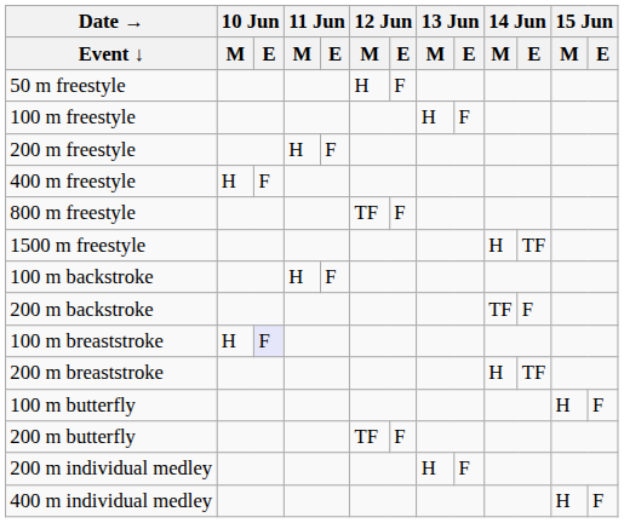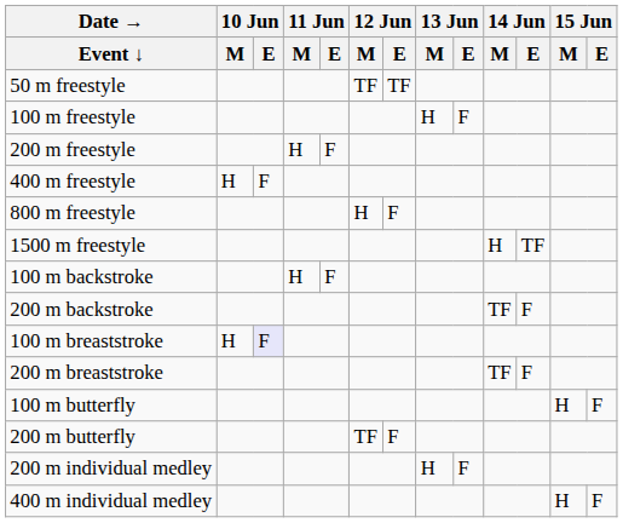 <table class="wikitable swimming-schedule" style="flex:auto 0 1">
 <tr>
 <th>Date →</th>
 <th colspan=2>10 Jun</th>
 <th colspan="2">11 Jun</th>
 <th colspan="2">12 Jun</th>
 <th colspan="2">13 Jun</th>
 <th colspan="2">14 Jun</th>
 <th colspan="2">15 Jun</th>
 </tr>
 <tr>
 <th>Event ↓</th>
 <th>M</th>
 <th>E</th>
 <th>M</th>
 <th>E</th>
 <th>M</th>
 <th>E</th>
 <th>M</th>
 <th>E</th>
 <th>M</th>
 <th>E</th>
 <th>M</th>
 <th>E</th>
 </tr>
 <tr>
 <td class=event>50 m freestyle</td>
 <td colspan=2></td>
 <td colspan=2></td>
-<td class=heats>H</td>
-<td class=final>F</td>
+<td class=final>TF</td>
+<td class=final>TF</td>
 <td colspan=2></td>
 <td colspan=2></td>
 <td colspan=2></td>
 </tr>
 <tr>
 <td class=event>100 m freestyle</td>
 <td colspan=2></td>
 <td colspan=2></td>
 <td colspan=2></td>
 <td class=heats>H</td>
 <td class=final>F</td>
 <td colspan=2></td>
 <td colspan=2></td>
 </tr>
 <tr>
 <td class=event>200 m freestyle</td>
 <td colspan=2></td>
 <td class=heats>H</td>
 <td class=final>F</td>
 <td colspan=2></td>
 <td colspan=2></td>
 <td colspan=2></td>
 <td colspan=2></td>
 </tr>
 <tr>
 <td class=event>400 m freestyle</td>
 <td class=heats>H</td>
 <td class=final>F</td>
 <td colspan=2></td>
 <td colspan=2></td>
 <td colspan=2></td>
 <td colspan=2></td>
 <td colspan=2></td>
 </tr>
 <tr>
 <td class=event>800 m freestyle</td>
 <td colspan=2></td>
 <td colspan=2></td>
-<td class=final>TF</td>
+<td class=heats>H</td>
 <td class=final>F</td>
 <td colspan=2></td>
 <td colspan=2></td>
 <td colspan=2></td>
 </tr>
 <tr>
 <td class=event>1500 m freestyle</td>
 <td colspan=2></td>
 <td colspan=2></td>
 <td colspan=2></td>
 <td colspan=2></td>
 <td class=heats>H</td>
 <td class=final>TF</td>
 <td colspan=2></td>
 </tr>
 <tr>
 <td class=event>100 m backstroke</td>
 <td colspan=2></td>
 <td class=heats>H</td>
 <td class=final>F</td>
 <td colspan=2></td>
 <td colspan=2></td>
 <td colspan=2></td>
 <td colspan=2></td>
 </tr>
 <tr>
 <td class=event>200 m backstroke</td>
 <td colspan=2></td>
 <td colspan=2></td>
 <td colspan=2></td>
 <td colspan=2></td>
 <td class=final>TF</td>
 <td class=final>F</td>
 <td colspan=2></td>
 </tr>
 <tr>
 <td class=event>100 m breaststroke</td>
 <td class=heats>H</td>
 <td class=final style="background: lavender;">F</td>
 <td colspan=2></td>
 <td colspan=2></td>
 <td colspan=2></td>
 <td colspan=2></td>
 <td colspan=2></td>
 </tr>
 <tr>
 <td class=event>200 m breaststroke</td>
 <td colspan=2></td>
 <td colspan=2></td>
 <td colspan=2></td>
 <td colspan=2></td>
-<td class=heats>H</td>
 <td class=final>TF</td>
+<td class=final>F</td>
 <td colspan=2></td>
 </tr>
 <tr>
 <td class=event>100 m butterfly</td>
 <td colspan=2></td>
 <td colspan=2></td>
 <td colspan=2></td>
 <td colspan=2></td>
 <td colspan=2></td>
 <td class=heats>H</td>
 <td class=final>F</td>
 </tr>
 <tr>
 <td class=event>200 m butterfly</td>
 <td colspan=2></td>
 <td colspan=2></td>
 <td class=final>TF</td>
 <td class=final>F</td>
 <td colspan=2></td>
 <td colspan=2></td>
 <td colspan=2></td>
 </tr>
 <tr>
 <td class=event>200 m individual medley</td>
 <td colspan=2></td>
 <td colspan=2></td>
 <td colspan=2></td>
 <td class=heats>H</td>
 <td class=final>F</td>
 <td colspan=2></td>
 <td colspan=2></td>
 </tr>
 <tr>
 <td class=event>400 m individual medley</td>
 <td colspan=2></td>
 <td colspan=2></td>
 <td colspan=2></td>
 <td colspan=2></td>
 <td colspan=2></td>
 <td class=heats>H</td>
 <td class=final>F</td>
 </tr>
 </table>
